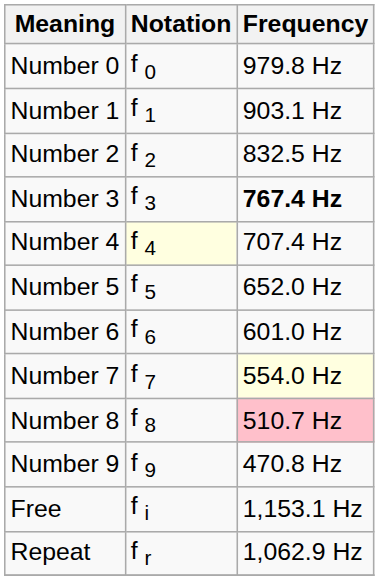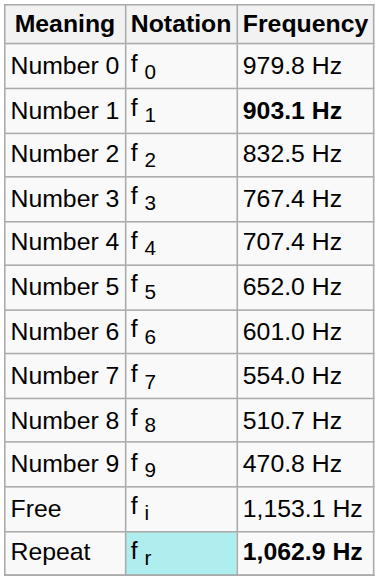 <table class="wikitable sortable">
 <tr>
 <th>Meaning</th>
 <th>Notation</th>
 <th>Frequency</th>
 </tr>
 <tr>
 <td>Number 0</td>
 <td>f <sub>0</sub></td>
 <td>979.8 Hz</td>
 </tr>
 <tr>
 <td>Number 1</td>
 <td>f <sub>1</sub></td>
-<td>903.1 Hz</td>
+<td><strong>903.1 Hz</strong></td>
 </tr>
 <tr>
 <td>Number 2</td>
 <td>f <sub>2</sub></td>
 <td>832.5 Hz</td>
 </tr>
 <tr>
 <td>Number 3</td>
 <td>f <sub>3</sub></td>
-<td><strong>767.4 Hz</strong></td>
+<td>767.4 Hz</td>
 </tr>
 <tr>
 <td>Number 4</td>
-<td style="background: lightyellow;">f <sub>4</sub></td>
+<td>f <sub>4</sub></td>
 <td>707.4 Hz</td>
 </tr>
 <tr>
 <td>Number 5</td>
 <td>f <sub>5</sub></td>
 <td>652.0 Hz</td>
 </tr>
 <tr>
 <td>Number 6</td>
 <td>f <sub>6</sub></td>
 <td>601.0 Hz</td>
 </tr>
 <tr>
 <td>Number 7</td>
 <td>f <sub>7</sub></td>
-<td style="background: lightyellow;">554.0 Hz</td>
+<td>554.0 Hz</td>
 </tr>
 <tr>
 <td>Number 8</td>
 <td>f <sub>8</sub></td>
-<td style="background: pink;">510.7 Hz</td>
+<td>510.7 Hz</td>
 </tr>
 <tr>
 <td>Number 9</td>
 <td>f <sub>9</sub></td>
 <td>470.8 Hz</td>
 </tr>
 <tr>
 <td>Free</td>
 <td>f <sub>i</sub></td>
 <td>1,153.1 Hz</td>
 </tr>
 <tr>
 <td>Repeat</td>
-<td>f <sub>r</sub></td>
-<td>1,062.9 Hz</td>
+<td style="background: paleturquoise;">f <sub>r</sub></td>
+<td><strong>1,062.9 Hz</strong></td>
 </tr>
 <tr>
 </tr>
 </table>
